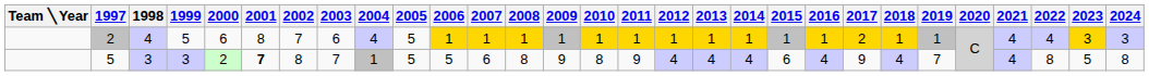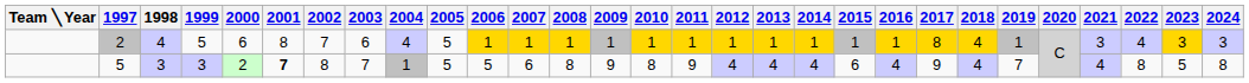 <table class=wikitable style="text-align:center; font-size:90%;">
 <tr>
 <th>Team ╲ Year</th>
 <th><a href='#'>1997</a></th>
 <th>1998</th>
 <th><a href='#'>1999</a></th>
 <th><a href='#'>2000</a></th>
 <th><a href='#'>2001</a></th>
 <th><a href='#'>2002</a></th>
 <th><a href='#'>2003</a></th>
 <th><a href='#'>2004</a></th>
 <th><a href='#'>2005</a></th>
 <th><a href='#'>2006</a></th>
 <th><a href='#'>2007</a></th>
 <th><a href='#'>2008</a></th>
 <th><a href='#'>2009</a></th>
 <th><a href='#'>2010</a></th>
 <th><a href='#'>2011</a></th>
 <th><a href='#'>2012</a></th>
 <th><a href='#'>2013</a></th>
 <th><a href='#'>2014</a></th>
 <th><a href='#'>2015</a></th>
 <th><a href='#'>2016</a></th>
 <th><a href='#'>2017</a></th>
 <th><a href='#'>2018</a></th>
 <th><a href='#'>2019</a></th>
 <th><a href='#'>2020</a></th>
 <th><a href='#'>2021</a></th>
 <th><a href='#'>2022</a></th>
 <th><a href='#'>2023</a></th>
 <th><a href='#'>2024</a></th>
 </tr>
 <tr>
 <td align=left><strong></strong></td>
 <td bgcolor=silver>2</td>
 <td bgcolor=ccccff>4</td>
 <td>5</td>
 <td>6</td>
 <td>8</td>
 <td>7</td>
 <td>6</td>
 <td bgcolor=ccccff>4</td>
 <td>5</td>
 <td bgcolor=gold>1</td>
 <td bgcolor=gold>1</td>
 <td bgcolor=gold>1</td>
 <td bgcolor=silver>1</td>
 <td bgcolor=gold>1</td>
 <td bgcolor=gold>1</td>
 <td bgcolor=gold>1</td>
 <td bgcolor=gold>1</td>
 <td bgcolor=gold>1</td>
 <td bgcolor=silver>1</td>
 <td bgcolor=gold>1</td>
-<td bgcolor=gold>2</td>
-<td bgcolor=gold>1</td>
+<td bgcolor=gold>8</td>
+<td bgcolor=gold>4</td>
 <td bgcolor=silver>1</td>
 <td bgcolor=D3D3D3 rowspan=2>C</td>
-<td bgcolor=CCCCFF>4</td>
+<td bgcolor=CCCCFF>3</td>
 <td bgcolor=CCCCFF>4</td>
 <td bgcolor=gold>3</td>
 <td bgcolor=CCCCFF>3</td>
 </tr>
 <tr>
 <td align=left><strong></strong></td>
 <td>5</td>
 <td bgcolor=ccccff>3</td>
 <td bgcolor=ccccff>3</td>
 <td bgcolor=CCFFCC>2</td>
 <td><strong>7</strong></td>
 <td>8</td>
 <td>7</td>
 <td bgcolor=silver>1</td>
 <td>5</td>
 <td>5</td>
 <td>6</td>
 <td>8</td>
 <td>9</td>
 <td>8</td>
 <td>9</td>
 <td bgcolor=CCCCFF>4</td>
 <td bgcolor=CCCCFF>4</td>
 <td bgcolor=CCCCFF>4</td>
 <td>6</td>
 <td bgcolor=CCCCFF>4</td>
 <td>9</td>
 <td bgcolor=CCCCFF>4</td>
 <td>7</td>
 <td bgcolor=ccccff>4</td>
 <td>8</td>
 <td>5</td>
 <td>8</td>
 </tr>
 </table>
